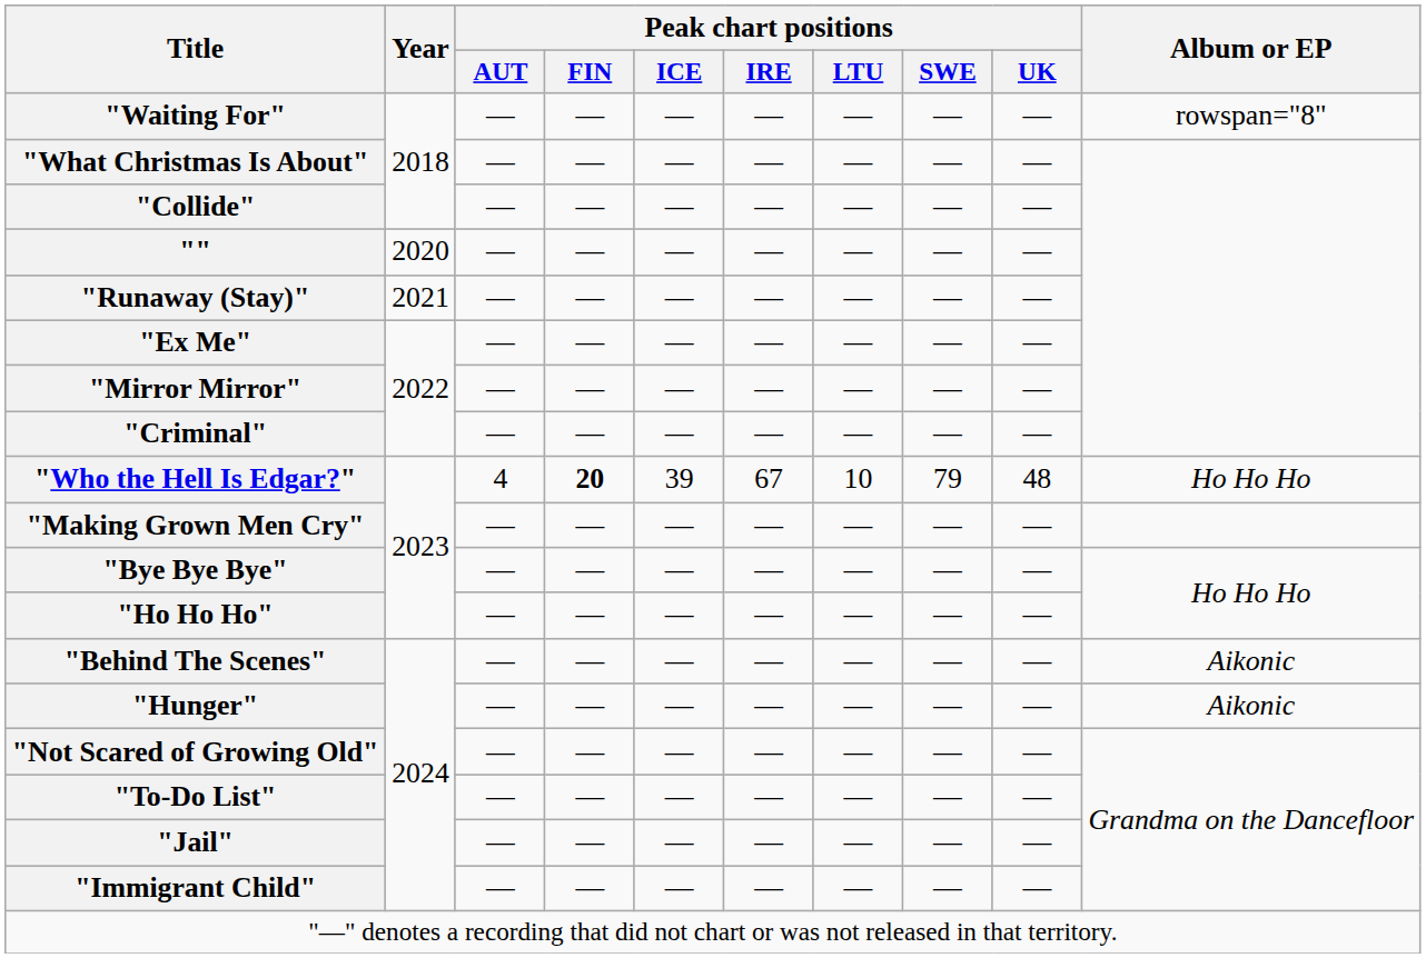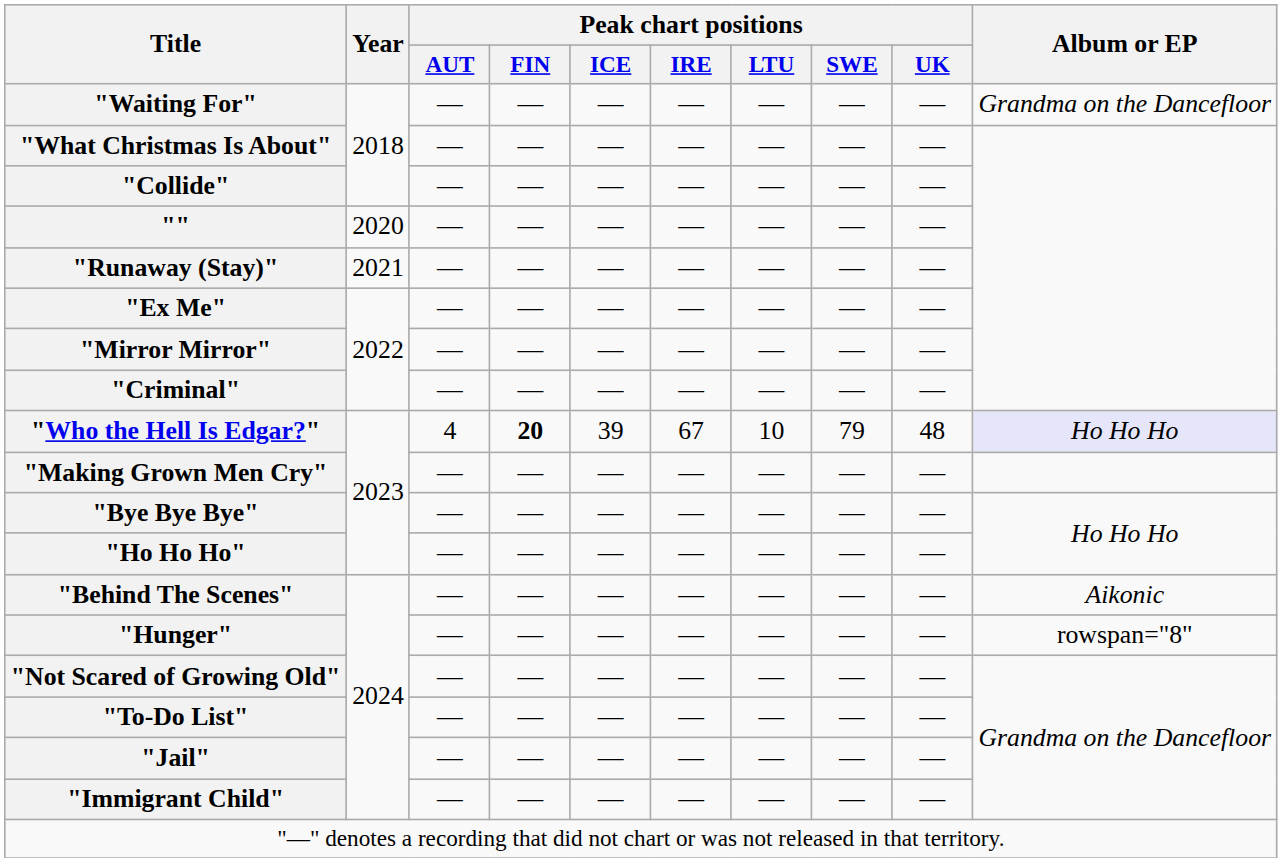 <table class="wikitable plainrowheaders" style="text-align:center">
 <tr>
 <th scope="col" rowspan="2">Title</th>
 <th scope="col" rowspan="2">Year</th>
 <th scope="col" colspan="7">Peak chart positions</th>
 <th scope="col" rowspan="2">Album or EP</th>
 </tr>
 <tr>
 <th scope="col" style="width:3em;font-size:90%;"><a href='#'>AUT</a><br></th>
 <th scope="col" style="width:3em;font-size:90%;"><a href='#'>FIN</a><br></th>
 <th scope="col" style="width:3em;font-size:90%;"><a href='#'>ICE</a><br></th>
 <th scope="col" style="width:3em;font-size:90%;"><a href='#'>IRE</a><br></th>
 <th scope="col" style="width:3em;font-size:90%;"><a href='#'>LTU</a><br></th>
 <th scope="col" style="width:3em;font-size:90%;"><a href='#'>SWE</a><br></th>
 <th scope="col" style="width:3em;font-size:90%;"><a href='#'>UK</a><br></th>
 </tr>
 <tr>
 <th scope="row">"Waiting For"</th>
 <td rowspan="3">2018</td>
 <td>—</td>
 <td>—</td>
 <td>—</td>
 <td>—</td>
 <td>—</td>
 <td>—</td>
 <td>—</td>
-<td>rowspan="8" </td>
+<td><em>Grandma on the Dancefloor</em></td>
 </tr>
 <tr>
 <th scope="row">"What Christmas Is About"</th>
 <td>—</td>
 <td>—</td>
 <td>—</td>
 <td>—</td>
 <td>—</td>
 <td>—</td>
 <td>—</td>
 </tr>
 <tr>
 <th scope="row">"Collide"</th>
 <td>—</td>
 <td>—</td>
 <td>—</td>
 <td>—</td>
 <td>—</td>
 <td>—</td>
 <td>—</td>
 </tr>
 <tr>
 <th scope="row">""</th>
 <td>2020</td>
 <td>—</td>
 <td>—</td>
 <td>—</td>
 <td>—</td>
 <td>—</td>
 <td>—</td>
 <td>—</td>
 </tr>
 <tr>
 <th scope="row">"Runaway (Stay)"<br></th>
 <td>2021</td>
 <td>—</td>
 <td>—</td>
 <td>—</td>
 <td>—</td>
 <td>—</td>
 <td>—</td>
 <td>—</td>
 </tr>
 <tr>
 <th scope="row">"Ex Me"</th>
 <td rowspan="3">2022</td>
 <td>—</td>
 <td>—</td>
 <td>—</td>
 <td>—</td>
 <td>—</td>
 <td>—</td>
 <td>—</td>
 </tr>
 <tr>
 <th scope="row">"Mirror Mirror"<br></th>
 <td>—</td>
 <td>—</td>
 <td>—</td>
 <td>—</td>
 <td>—</td>
 <td>—</td>
 <td>—</td>
 </tr>
 <tr>
 <th scope="row">"Criminal"<br></th>
 <td>—</td>
 <td>—</td>
 <td>—</td>
 <td>—</td>
 <td>—</td>
 <td>—</td>
 <td>—</td>
 </tr>
 <tr>
 <th scope="row">"<a href='#'>Who the Hell Is Edgar?</a>"<br></th>
 <td rowspan="4">2023</td>
 <td>4</td>
 <td><strong>20</strong></td>
 <td>39</td>
 <td>67</td>
 <td>10</td>
 <td>79</td>
 <td>48</td>
-<td><em>Ho Ho Ho</em></td>
+<td style="background: lavender;"><em>Ho Ho Ho</em></td>
 </tr>
 <tr>
 <th scope="row">"Making Grown Men Cry"<br></th>
 <td>—</td>
 <td>—</td>
 <td>—</td>
 <td>—</td>
 <td>—</td>
 <td>—</td>
 <td>—</td>
 <td></td>
 </tr>
 <tr>
 <th scope="row">"Bye Bye Bye"<br></th>
 <td>—</td>
 <td>—</td>
 <td>—</td>
 <td>—</td>
 <td>—</td>
 <td>—</td>
 <td>—</td>
 <td rowspan="2"><em>Ho Ho Ho</em></td>
 </tr>
 <tr>
 <th scope="row">"Ho Ho Ho"<br></th>
 <td>—</td>
 <td>—</td>
 <td>—</td>
 <td>—</td>
 <td>—</td>
 <td>—</td>
 <td>—</td>
 </tr>
 <tr>
 <th scope="row">"Behind The Scenes"</th>
 <td rowspan="6">2024</td>
 <td>—</td>
 <td>—</td>
 <td>—</td>
 <td>—</td>
 <td>—</td>
 <td>—</td>
 <td>—</td>
 <td><em>Aikonic</em></td>
 </tr>
 <tr>
 <th scope="row">"Hunger"<br></th>
 <td>—</td>
 <td>—</td>
 <td>—</td>
 <td>—</td>
 <td>—</td>
 <td>—</td>
 <td>—</td>
-<td><em>Aikonic</em></td>
+<td>rowspan="8" </td>
 </tr>
 <tr>
 <th scope="row">"Not Scared of Growing Old"</th>
 <td>—</td>
 <td>—</td>
 <td>—</td>
 <td>—</td>
 <td>—</td>
 <td>—</td>
 <td>—</td>
 <td rowspan="4"><em>Grandma on the Dancefloor</em></td>
 </tr>
 <tr>
 <th scope="row">"To-Do List"</th>
 <td>—</td>
 <td>—</td>
 <td>—</td>
 <td>—</td>
 <td>—</td>
 <td>—</td>
 <td>—</td>
 </tr>
 <tr>
 <th scope="row">"Jail"</th>
 <td>—</td>
 <td>—</td>
 <td>—</td>
 <td>—</td>
 <td>—</td>
 <td>—</td>
 <td>—</td>
 </tr>
 <tr>
 <th scope="row">"Immigrant Child"</th>
 <td>—</td>
 <td>—</td>
 <td>—</td>
 <td>—</td>
 <td>—</td>
 <td>—</td>
 <td>—</td>
 </tr>
 <tr>
 <td colspan="15" style="font-size:90%">"—" denotes a recording that did not chart or was not released in that territory.</td>
 </tr>
 </table>
